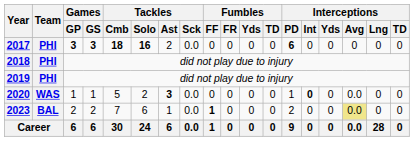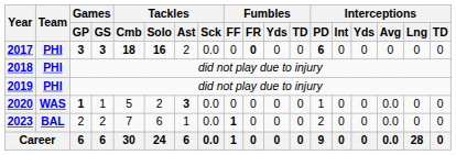 <table class=wikitable style="text-align:center;">
 <tr>
 <th rowspan="2">Year</th>
 <th rowspan="2">Team</th>
 <th colspan="2">Games</th>
 <th colspan="4">Tackles</th>
 <th colspan="4">Fumbles</th>
 <th colspan="6">Interceptions</th>
 </tr>
 <tr>
 <th>GP</th>
 <th>GS</th>
 <th>Cmb</th>
 <th>Solo</th>
 <th>Ast</th>
 <th>Sck</th>
 <th>FF</th>
 <th>FR</th>
 <th>Yds</th>
 <th>TD</th>
 <th>PD</th>
 <th>Int</th>
 <th>Yds</th>
 <th>Avg</th>
 <th>Lng</th>
 <th>TD</th>
 </tr>
 <tr>
 <th><a href='#'>2017</a></th>
 <th><a href='#'>PHI</a></th>
 <td><strong>3</strong></td>
 <td><strong>3</strong></td>
 <td><strong>18</strong></td>
 <td><strong>16</strong></td>
 <td>2</td>
 <td>0.0</td>
 <td>0</td>
-<td>0</td>
+<td><strong>0</strong></td>
 <td>0</td>
 <td>0</td>
 <td><strong>6</strong></td>
 <td>0</td>
 <td>0</td>
 <td>0</td>
 <td>0</td>
 <td>0</td>
 </tr>
 <tr>
 <th><a href='#'>2018</a></th>
 <th><a href='#'>PHI</a></th>
 <td colspan="16"><em>did not play due to injury</em></td>
 </tr>
 <tr>
 <th><a href='#'>2019</a></th>
 <th><a href='#'>PHI</a></th>
 <td colspan="16"><em>did not play due to injury</em></td>
 </tr>
 <tr>
 <th><a href='#'>2020</a></th>
 <th><a href='#'>WAS</a></th>
-<td>1</td>
+<td><strong>1</strong></td>
 <td>1</td>
 <td>5</td>
 <td>2</td>
 <td><strong>3</strong></td>
 <td>0.0</td>
 <td>0</td>
 <td>0</td>
 <td>0</td>
 <td>0</td>
 <td>1</td>
-<td><strong>0</strong></td>
+<td>0</td>
 <td>0</td>
 <td>0.0</td>
 <td>0</td>
 <td>0</td>
 </tr>
 <tr>
 <th><a href='#'>2023</a></th>
 <th><a href='#'>BAL</a></th>
 <td>2</td>
 <td>2</td>
 <td>7</td>
 <td>6</td>
 <td>1</td>
 <td>0.0</td>
 <td><strong>1</strong></td>
 <td>0</td>
 <td>0</td>
 <td>0</td>
 <td>2</td>
 <td>0</td>
 <td>0</td>
-<td style="background: khaki;">0.0</td>
+<td>0.0</td>
 <td>0</td>
 <td>0</td>
 </tr>
 <tr>
 <th colspan="2">Career</th>
 <th>6</th>
 <th>6</th>
 <th>30</th>
 <th>24</th>
 <th>6</th>
 <th>0.0</th>
 <th>1</th>
 <th>0</th>
 <th>0</th>
 <th>0</th>
 <th>9</th>
 <th>0</th>
 <th>0</th>
 <th>0.0</th>
 <th>28</th>
 <th>0</th>
 </tr>
 </table>
